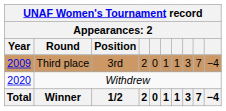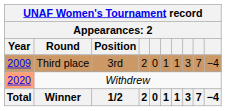 <table class="wikitable" style="text-align: center;font-size:90%;">
 <tr>
 <th colspan=10><a href='#'>UNAF Women's Tournament</a> record</th>
 </tr>
 <tr>
 <th colspan=10>Appearances: 2</th>
 </tr>
 <tr>
 <th>Year</th>
 <th>Round</th>
 <th>Position</th>
 <th></th>
 <th></th>
 <th></th>
 <th></th>
 <th></th>
 <th></th>
 <th></th>
 </tr>
 <tr bgcolor="#cc9966">
 <td> <a href='#'>2009</a></td>
 <td>Third place</td>
 <td>3rd</td>
 <td>2</td>
 <td>0</td>
 <td>1</td>
 <td>1</td>
 <td>3</td>
 <td>7</td>
 <td>−4</td>
 </tr>
 <tr>
-<td> <a href='#'>2020</a></td>
+<td style="background: lightsalmon;"> <a href='#'>2020</a></td>
 <td Colspan=9><em>Withdrew</em></td>
 </tr>
 <tr>
 <th>Total</th>
 <th>Winner</th>
 <th>1/2</th>
 <th>2</th>
 <th>0</th>
 <th>1</th>
 <th>1</th>
 <th>3</th>
 <th>7</th>
 <th>−4</th>
 </tr>
 </table>
